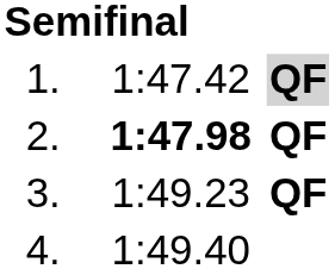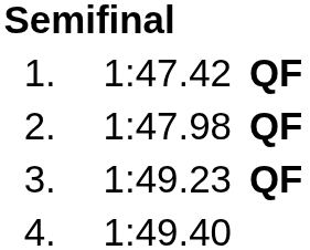 <table style="text-align:center">
 <tr>
 <td colspan=4 align=left><strong>Semifinal</strong></td>
 </tr>
 <tr>
 <td width=30>1.</td>
 <td align=left></td>
 <td width=60>1:47.42</td>
-<td style="background: lightgrey;"><strong>QF</strong></td>
+<td><strong>QF</strong></td>
 </tr>
 <tr>
 <td>2.</td>
 <td align=left></td>
-<td><strong>1:47.98</strong></td>
+<td>1:47.98</td>
 <td><strong>QF</strong></td>
 </tr>
 <tr>
 <td>3.</td>
 <td align=left></td>
 <td>1:49.23</td>
 <td><strong>QF</strong></td>
 </tr>
 <tr>
 <td>4.</td>
 <td align=left></td>
 <td>1:49.40</td>
 <td></td>
 </tr>
 </table>
